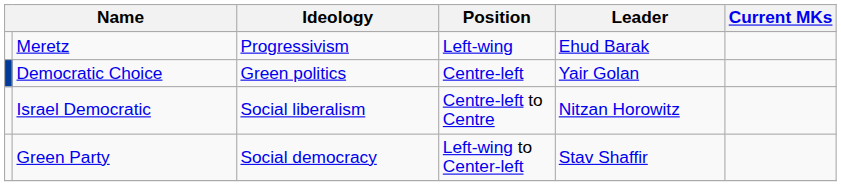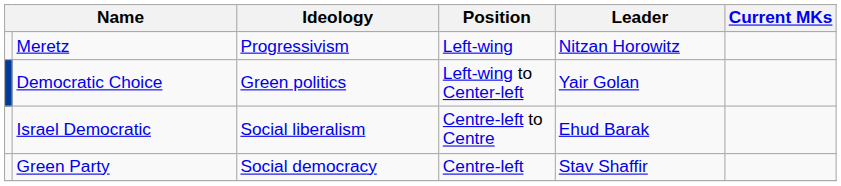 <table class="wikitable">
 <tr>
 <th colspan=2>Name</th>
 <th>Ideology</th>
 <th>Position</th>
 <th>Leader</th>
 <th><a href='#'>Current MKs</a></th>
 </tr>
 <tr>
 <td style="background: "></td>
 <td style="width:200px"><a href='#'>Meretz</a></td>
 <td style="width:180px"><a href='#'>Progressivism</a></td>
 <td style="width:100px"><a href='#'>Left-wing</a></td>
-<td style="width:150px"><a href='#'>Ehud Barak</a></td>
+<td style="width:150px"><a href='#'>Nitzan Horowitz</a></td>
 <td></td>
 </tr>
 <tr>
 <td style="background: #003A9A"></td>
 <td style="width:200px"><a href='#'>Democratic Choice</a></td>
 <td style="width:180px"><a href='#'>Green politics</a></td>
-<td style="width:100px"><a href='#'>Centre-left</a></td>
+<td style="width:100px"><a href='#'>Left-wing</a> to <a href='#'>Center-left</a></td>
 <td style="width:150px"><a href='#'>Yair Golan</a></td>
 <td></td>
 </tr>
 <tr>
 <td style="background: "></td>
 <td style="width:200px"><a href='#'>Israel Democratic</a></td>
 <td style="width:180px"><a href='#'>Social liberalism</a></td>
 <td style="width:100px"><a href='#'>Centre-left</a> to <a href='#'>Centre</a></td>
-<td style="width:150px"><a href='#'>Nitzan Horowitz</a></td>
+<td style="width:150px"><a href='#'>Ehud Barak</a></td>
 <td></td>
 </tr>
 <tr>
 <td style="background: "></td>
 <td style="width:200px"><a href='#'>Green Party</a></td>
 <td style="width:180px"><a href='#'>Social democracy</a></td>
-<td style="width:100px"><a href='#'>Left-wing</a> to <a href='#'>Center-left</a></td>
+<td style="width:100px"><a href='#'>Centre-left</a></td>
 <td style="width:150px"><a href='#'>Stav Shaffir</a></td>
 <td></td>
 </tr>
 <tr>
 </tr>
 </table>
